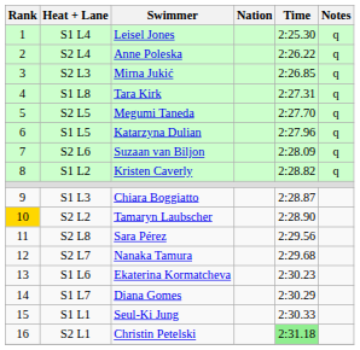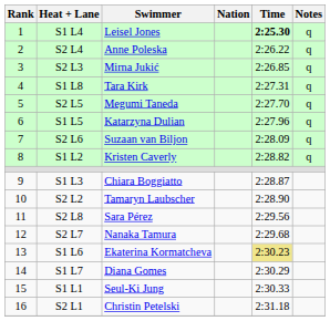 <table class="wikitable sortable" style="text-align:center">
 <tr>
 <th>Rank</th>
 <th>Heat + Lane</th>
 <th>Swimmer</th>
 <th>Nation</th>
 <th>Time</th>
 <th>Notes</th>
 </tr>
 <tr bgcolor=ccffcc>
 <td>1</td>
 <td>S1 L4</td>
 <td align=left><a href='#'>Leisel Jones</a></td>
 <td align=left></td>
-<td>2:25.30</td>
+<td><strong>2:25.30</strong></td>
 <td>q</td>
 </tr>
 <tr bgcolor=ccffcc>
 <td>2</td>
 <td>S2 L4</td>
 <td align=left><a href='#'>Anne Poleska</a></td>
 <td align=left></td>
 <td>2:26.22</td>
 <td>q</td>
 </tr>
 <tr bgcolor=ccffcc>
 <td>3</td>
 <td>S2 L3</td>
 <td align=left><a href='#'>Mirna Jukić</a></td>
 <td align=left></td>
 <td>2:26.85</td>
 <td>q</td>
 </tr>
 <tr bgcolor=ccffcc>
 <td>4</td>
 <td>S1 L8</td>
 <td align=left><a href='#'>Tara Kirk</a></td>
 <td align=left></td>
 <td>2:27.31</td>
 <td>q</td>
 </tr>
 <tr bgcolor=ccffcc>
 <td>5</td>
 <td>S2 L5</td>
 <td align=left><a href='#'>Megumi Taneda</a></td>
 <td align=left></td>
 <td>2:27.70</td>
 <td>q</td>
 </tr>
 <tr bgcolor=ccffcc>
 <td>6</td>
 <td>S1 L5</td>
 <td align=left><a href='#'>Katarzyna Dulian</a></td>
 <td align=left></td>
 <td>2:27.96</td>
 <td>q</td>
 </tr>
 <tr bgcolor=ccffcc>
 <td>7</td>
 <td>S2 L6</td>
 <td align=left><a href='#'>Suzaan van Biljon</a></td>
 <td align=left></td>
 <td>2:28.09</td>
 <td>q</td>
 </tr>
 <tr bgcolor=ccffcc>
 <td>8</td>
 <td>S1 L2</td>
 <td align=left><a href='#'>Kristen Caverly</a></td>
 <td align=left></td>
 <td>2:28.82</td>
 <td>q</td>
 </tr>
 <tr bgcolor=#DDDDDD>
 <td colspan=6></td>
 </tr>
 <tr>
 <td>9</td>
 <td>S1 L3</td>
 <td align=left><a href='#'>Chiara Boggiatto</a></td>
 <td align=left></td>
 <td>2:28.87</td>
 <td></td>
 </tr>
 <tr>
-<td style="background: gold;">10</td>
+<td>10</td>
 <td>S2 L2</td>
 <td align=left><a href='#'>Tamaryn Laubscher</a></td>
 <td align=left></td>
 <td>2:28.90</td>
 <td></td>
 </tr>
 <tr>
 <td>11</td>
 <td>S2 L8</td>
 <td align=left><a href='#'>Sara Pérez</a></td>
 <td align=left></td>
 <td>2:29.56</td>
 <td></td>
 </tr>
 <tr>
 <td>12</td>
 <td>S2 L7</td>
 <td align=left><a href='#'>Nanaka Tamura</a></td>
 <td align=left></td>
 <td>2:29.68</td>
 <td></td>
 </tr>
 <tr>
 <td>13</td>
 <td>S1 L6</td>
 <td align=left><a href='#'>Ekaterina Kormatcheva</a></td>
 <td align=left></td>
-<td>2:30.23</td>
+<td style="background: khaki;">2:30.23</td>
 <td></td>
 </tr>
 <tr>
 <td>14</td>
 <td>S1 L7</td>
 <td align=left><a href='#'>Diana Gomes</a></td>
 <td align=left></td>
 <td>2:30.29</td>
 <td></td>
 </tr>
 <tr>
 <td>15</td>
 <td>S1 L1</td>
 <td align=left><a href='#'>Seul-Ki Jung</a></td>
 <td align=left></td>
 <td>2:30.33</td>
 <td></td>
 </tr>
 <tr>
 <td>16</td>
 <td>S2 L1</td>
 <td align=left><a href='#'>Christin Petelski</a></td>
 <td align=left></td>
-<td style="background: lightgreen;">2:31.18</td>
+<td>2:31.18</td>
 <td></td>
 </tr>
 <tr>
 </tr>
 </table>
